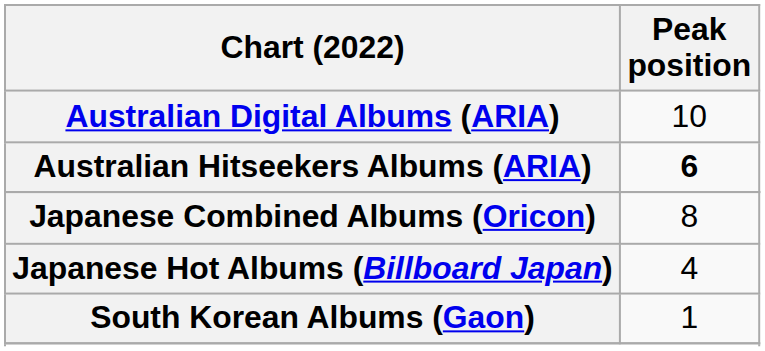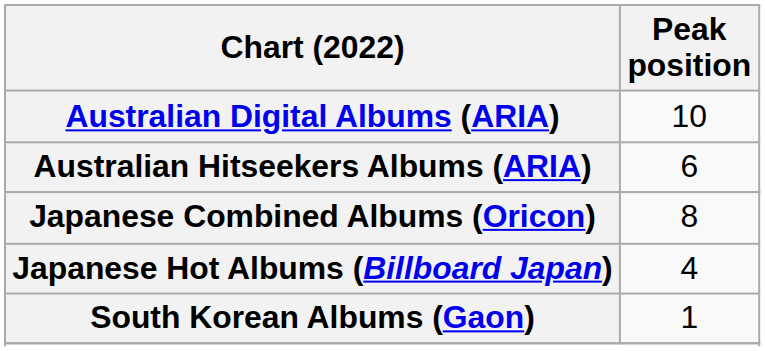 <table class="wikitable sortable plainrowheaders" style="text-align:center">
 <tr>
 <th scope="col">Chart (2022)</th>
 <th scope="col">Peak<br>position</th>
 </tr>
 <tr>
 <th scope="row"><a href='#'>Australian Digital Albums</a> (<a href='#'>ARIA</a>)</th>
 <td>10</td>
 </tr>
 <tr>
 <th scope="row">Australian Hitseekers Albums (<a href='#'>ARIA</a>)</th>
-<td><strong>6</strong></td>
+<td>6</td>
 </tr>
 <tr>
 </tr>
 <tr>
 </tr>
 <tr>
 <th scope="row">Japanese Combined Albums (<a href='#'>Oricon</a>)</th>
 <td>8</td>
 </tr>
 <tr>
 <th scope="row">Japanese Hot Albums (<em><a href='#'>Billboard Japan</a></em>)</th>
 <td>4</td>
 </tr>
 <tr>
 <th scope="row">South Korean Albums (<a href='#'>Gaon</a>)</th>
 <td>1</td>
 </tr>
 <tr>
 </tr>
 <tr>
 </tr>
 <tr>
 </tr>
 </table>
